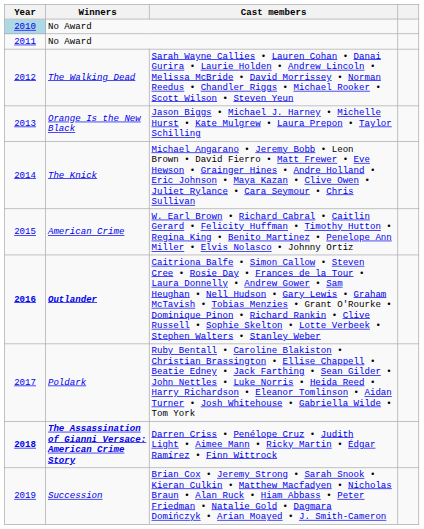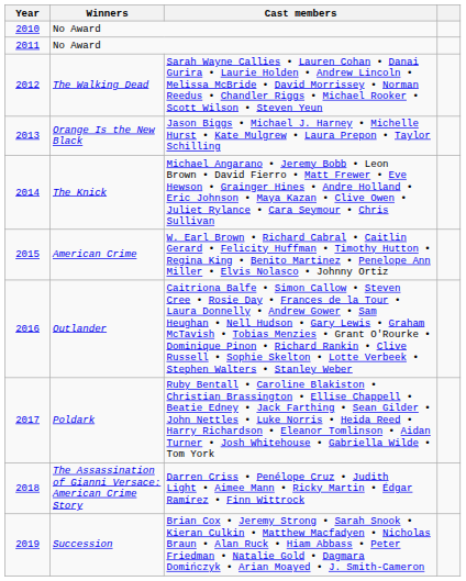 <table class="wikitable" width="95%" cellpadding="5">
 <tr>
 <th width="10%">Year</th>
 <th width="25%">Winners</th>
 <th width="60%">Cast members</th>
 <th width="5%"></th>
 </tr>
 <tr>
-<td style="background: lightblue; text-align:center;"><a href='#'>2010</a></td>
+<td style="text-align:center;"><a href='#'>2010</a></td>
 <td colspan=2>No Award</td>
 <td></td>
 </tr>
 <tr>
 <td style="text-align:center;"><a href='#'>2011</a></td>
 <td colspan=2>No Award</td>
 <td></td>
 </tr>
 <tr>
 <td style="text-align:center;"><a href='#'>2012</a></td>
 <td><em><a href='#'>The Walking Dead</a></em></td>
 <td><a href='#'>Sarah Wayne Callies</a> • <a href='#'>Lauren Cohan</a> • <a href='#'>Danai Gurira</a> • <a href='#'>Laurie Holden</a> • <a href='#'>Andrew Lincoln</a> • <a href='#'>Melissa McBride</a> • <a href='#'>David Morrissey</a> • <a href='#'>Norman Reedus</a> • <a href='#'>Chandler Riggs</a> • <a href='#'>Michael Rooker</a> • <a href='#'>Scott Wilson</a> • <a href='#'>Steven Yeun</a></td>
 <td></td>
 </tr>
 <tr>
 <td style="text-align:center;"><a href='#'>2013</a></td>
 <td><em><a href='#'>Orange Is the New Black</a></em></td>
 <td><a href='#'>Jason Biggs</a> • <a href='#'>Michael J. Harney</a> • <a href='#'>Michelle Hurst</a> • <a href='#'>Kate Mulgrew</a> • <a href='#'>Laura Prepon</a> • <a href='#'>Taylor Schilling</a></td>
 <td></td>
 </tr>
 <tr>
 <td style="text-align:center;"><a href='#'>2014</a></td>
 <td><em><a href='#'>The Knick</a></em></td>
 <td><a href='#'>Michael Angarano</a> • <a href='#'>Jeremy Bobb</a> • Leon Brown • David Fierro • <a href='#'>Matt Frewer</a> • <a href='#'>Eve Hewson</a> • <a href='#'>Grainger Hines</a> • <a href='#'>Andre Holland</a> • <a href='#'>Eric Johnson</a> • <a href='#'>Maya Kazan</a> • <a href='#'>Clive Owen</a> • <a href='#'>Juliet Rylance</a> • <a href='#'>Cara Seymour</a> • <a href='#'>Chris Sullivan</a></td>
 <td></td>
 </tr>
 <tr>
 <td style="text-align:center;"><a href='#'>2015</a></td>
 <td><em><a href='#'>American Crime</a></em></td>
 <td><a href='#'>W. Earl Brown</a> • <a href='#'>Richard Cabral</a> • <a href='#'>Caitlin Gerard</a> • <a href='#'>Felicity Huffman</a> • <a href='#'>Timothy Hutton</a> • <a href='#'>Regina King</a> • <a href='#'>Benito Martinez</a> • <a href='#'>Penelope Ann Miller</a> • <a href='#'>Elvis Nolasco</a> • Johnny Ortiz</td>
 <td></td>
 </tr>
 <tr>
-<td style="text-align:center;"><strong><a href='#'>2016</a></strong></td>
-<td><strong><em><a href='#'>Outlander</a></em></strong></td>
+<td style="text-align:center;"><a href='#'>2016</a></td>
+<td><em><a href='#'>Outlander</a></em></td>
 <td><a href='#'>Caitriona Balfe</a> • <a href='#'>Simon Callow</a> • <a href='#'>Steven Cree</a> • <a href='#'>Rosie Day</a> • <a href='#'>Frances de la Tour</a> • <a href='#'>Laura Donnelly</a> • <a href='#'>Andrew Gower</a> • <a href='#'>Sam Heughan</a> • <a href='#'>Nell Hudson</a> • <a href='#'>Gary Lewis</a> • <a href='#'>Graham McTavish</a> • <a href='#'>Tobias Menzies</a> • Grant O'Rourke • <a href='#'>Dominique Pinon</a> • <a href='#'>Richard Rankin</a> • <a href='#'>Clive Russell</a> • <a href='#'>Sophie Skelton</a> • <a href='#'>Lotte Verbeek</a> • <a href='#'>Stephen Walters</a> • <a href='#'>Stanley Weber</a></td>
 <td></td>
 </tr>
 <tr>
 <td style="text-align:center;"><a href='#'>2017</a></td>
 <td><em><a href='#'>Poldark</a></em></td>
 <td><a href='#'>Ruby Bentall</a> • <a href='#'>Caroline Blakiston</a> • <a href='#'>Christian Brassington</a> • <a href='#'>Ellise Chappell</a> • <a href='#'>Beatie Edney</a> • <a href='#'>Jack Farthing</a> • <a href='#'>Sean Gilder</a> • <a href='#'>John Nettles</a> • <a href='#'>Luke Norris</a> • <a href='#'>Heida Reed</a> • <a href='#'>Harry Richardson</a> • <a href='#'>Eleanor Tomlinson</a> • <a href='#'>Aidan Turner</a> • <a href='#'>Josh Whitehouse</a> • <a href='#'>Gabriella Wilde</a> • Tom York</td>
 <td></td>
 </tr>
 <tr>
-<td style="text-align:center;"><strong><a href='#'>2018</a></strong></td>
-<td><strong><em><a href='#'>The Assassination of Gianni Versace: American Crime Story</a></em></strong></td>
+<td style="text-align:center;"><a href='#'>2018</a></td>
+<td><em><a href='#'>The Assassination of Gianni Versace: American Crime Story</a></em></td>
 <td><a href='#'>Darren Criss</a> • <a href='#'>Penélope Cruz</a> • <a href='#'>Judith Light</a> • <a href='#'>Aimee Mann</a> • <a href='#'>Ricky Martin</a> • <a href='#'>Édgar Ramírez</a> • <a href='#'>Finn Wittrock</a></td>
 <td></td>
 </tr>
 <tr>
 <td style="text-align:center;"><a href='#'>2019</a></td>
 <td><em><a href='#'>Succession</a></em></td>
 <td><a href='#'>Brian Cox</a> • <a href='#'>Jeremy Strong</a> • <a href='#'>Sarah Snook</a> • <a href='#'>Kieran Culkin</a> • <a href='#'>Matthew Macfadyen</a> • <a href='#'>Nicholas Braun</a> • <a href='#'>Alan Ruck</a> • <a href='#'>Hiam Abbass</a> • <a href='#'>Peter Friedman</a> • <a href='#'>Natalie Gold</a> • <a href='#'>Dagmara Domińczyk</a> • <a href='#'>Arian Moayed</a> • <a href='#'>J. Smith-Cameron</a></td>
 <td></td>
 </tr>
 </table>
